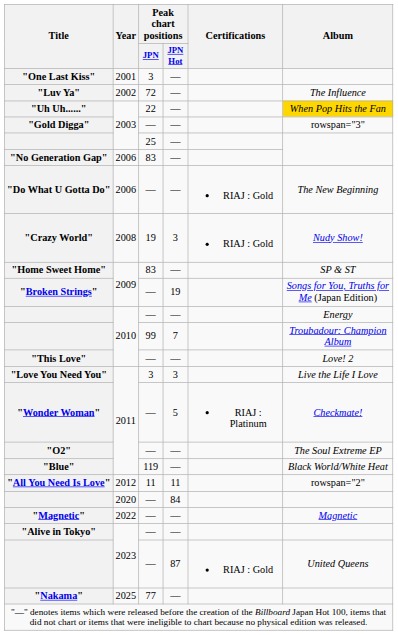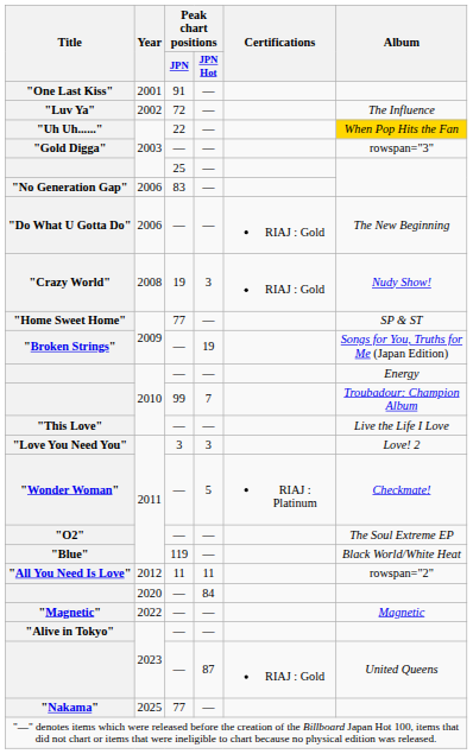 <table class="wikitable plainrowheaders" style="text-align: center;" border="1">
 <tr>
 <th scope="col" rowspan="2" style="width:16em;">Title</th>
 <th scope="col" rowspan="2" style="width:1em;">Year</th>
 <th scope="col" colspan="2">Peak chart positions</th>
 <th scope="col" rowspan="2" style="width:12em;">Certifications</th>
 <th scope="col" rowspan="2" style="width:16em;">Album</th>
 </tr>
 <tr>
 <th scope="col" style="width:2.75em;font-size:85%;"><a href='#'>JPN</a><br></th>
 <th scope="col" style="width:2.75em;font-size:85%;"><a href='#'>JPN<br>Hot</a><br></th>
 </tr>
 <tr>
 <th scope="row">"One Last Kiss"<br></th>
 <td>2001</td>
-<td>3</td>
+<td>91</td>
 <td>—</td>
 <td></td>
 <td></td>
 </tr>
 <tr>
 <th scope="row">"Luv Ya"<br></th>
 <td>2002</td>
 <td>72</td>
 <td>—</td>
 <td></td>
 <td><em>The Influence</em></td>
 </tr>
 <tr>
 <th scope="row">"Uh Uh......"<br></th>
 <td rowspan="3">2003</td>
 <td>22</td>
 <td>—</td>
 <td></td>
 <td style="background: gold;"><em>When Pop Hits the Fan</em></td>
 </tr>
 <tr>
 <th scope="row">"Gold Digga"<br></th>
 <td>—</td>
 <td>—</td>
 <td></td>
 <td>rowspan="3" </td>
 </tr>
 <tr>
 <th scope="row"><br></th>
 <td>25</td>
 <td>—</td>
 <td></td>
 </tr>
 <tr>
 <th scope="row">"No Generation Gap"<br></th>
 <td>2006</td>
 <td>83</td>
 <td>—</td>
 <td></td>
 </tr>
 <tr>
 <th scope="row">"Do What U Gotta Do"<br></th>
 <td>2006</td>
 <td>—</td>
 <td>—</td>
 <td><br><ul><li>RIAJ : Gold</li></ul></td>
 <td><em>The New Beginning</em></td>
 </tr>
 <tr>
 <th scope="row">"Crazy World"<br></th>
 <td>2008</td>
 <td>19</td>
 <td>3</td>
 <td><br><ul><li>RIAJ : Gold</li></ul></td>
 <td><em><a href='#'>Nudy Show!</a></em></td>
 </tr>
 <tr>
 <th scope="row">"Home Sweet Home"<br></th>
 <td rowspan="2">2009</td>
-<td>83</td>
+<td>77</td>
 <td>—</td>
 <td></td>
 <td><em>SP & ST</em></td>
 </tr>
 <tr>
 <th scope="row">"<a href='#'>Broken Strings</a>"<br></th>
 <td>—</td>
 <td>19</td>
 <td></td>
 <td><em><a href='#'>Songs for You, Truths for Me</a></em> (Japan Edition)</td>
 </tr>
 <tr>
 <th scope="row"><br></th>
 <td rowspan="3">2010</td>
 <td>—</td>
 <td>—</td>
 <td></td>
 <td><em>Energy</em></td>
 </tr>
 <tr>
 <th scope="row"><br></th>
 <td>99</td>
 <td>7</td>
 <td></td>
 <td><em><a href='#'>Troubadour: Champion Album</a></em></td>
 </tr>
 <tr>
 <th scope="row">"This Love"<br></th>
 <td>—</td>
 <td>—</td>
 <td></td>
-<td><em>Love! 2</em></td>
+<td><em>Live the Life I Love</em></td>
 </tr>
 <tr>
 <th scope="row">"Love You Need You"<br></th>
 <td rowspan="4">2011</td>
 <td>3</td>
 <td>3</td>
 <td></td>
-<td><em>Live the Life I Love</em></td>
+<td><em>Love! 2</em></td>
 </tr>
 <tr>
 <th scope="row">"<a href='#'>Wonder Woman</a>"<br></th>
 <td>—</td>
 <td>5</td>
 <td><br><ul><li>RIAJ : Platinum</li></ul></td>
 <td><em><a href='#'>Checkmate!</a></em></td>
 </tr>
 <tr>
 <th scope="row">"O2"<br></th>
 <td>—</td>
 <td>—</td>
 <td></td>
 <td><em>The Soul Extreme EP</em></td>
 </tr>
 <tr>
 <th scope="row">"Blue"<br></th>
 <td>119</td>
 <td>—</td>
 <td></td>
 <td><em>Black World/White Heat</em></td>
 </tr>
 <tr>
 <th scope="row">"<a href='#'>All You Need Is Love</a>"<br></th>
 <td>2012</td>
 <td>11</td>
 <td>11</td>
 <td></td>
 <td>rowspan="2" </td>
 </tr>
 <tr>
 <th scope="row"><br></th>
 <td>2020</td>
 <td>—</td>
 <td>84</td>
 <td></td>
 </tr>
 <tr>
 <th scope="row">"<a href='#'>Magnetic</a>"<br></th>
 <td>2022</td>
 <td>—</td>
 <td>—</td>
 <td></td>
 <td><em><a href='#'>Magnetic</a></em></td>
 </tr>
 <tr>
 <th scope="row">"Alive in Tokyo"<br></th>
 <td rowspan="2">2023</td>
 <td>—</td>
 <td>—</td>
 <td></td>
 <td></td>
 </tr>
 <tr>
 <th scope="row"><br></th>
 <td>—</td>
 <td>87</td>
 <td><br><ul><li>RIAJ : Gold</li></ul></td>
 <td><em>United Queens</em></td>
 </tr>
 <tr>
 <th scope="row">"<a href='#'>Nakama</a>"<br></th>
 <td>2025</td>
 <td>77</td>
 <td>—</td>
 <td></td>
 <td></td>
 </tr>
 <tr>
 <td colspan="12" style="text-align:center; font-size:90%;">"—" denotes items which were released before the creation of the <em>Billboard</em> Japan Hot 100, items that did not chart or items that were ineligible to chart because no physical edition was released.</td>
 </tr>
 </table>
